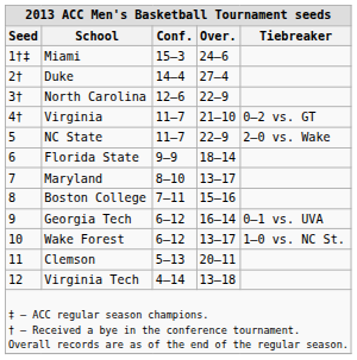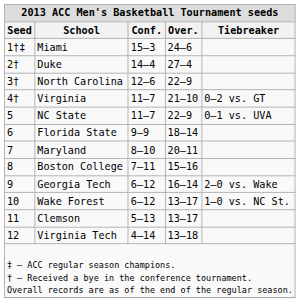 <table class="wikitable" style="white-space:nowrap; font-size:90%;">
 <tr>
 <td colspan="7" style="text-align:center; background:#DDDDDD; font:#000000"><strong>2013 ACC Men's Basketball Tournament seeds</strong></td>
 </tr>
 <tr bgcolor="#efefef">
 <th>Seed</th>
 <th>School</th>
 <th>Conf.</th>
 <th>Over.</th>
 <th>Tiebreaker</th>
 </tr>
 <tr>
 <td>1†‡</td>
 <td>Miami</td>
 <td>15–3</td>
 <td>24–6</td>
 <td></td>
 </tr>
 <tr>
 <td>2†</td>
 <td>Duke</td>
 <td>14–4</td>
 <td>27–4</td>
 <td></td>
 </tr>
 <tr>
 <td>3†</td>
 <td>North Carolina</td>
 <td>12–6</td>
 <td>22–9</td>
 <td></td>
 </tr>
 <tr>
 <td>4†</td>
 <td>Virginia</td>
 <td>11–7</td>
 <td>21–10</td>
 <td>0–2 vs. GT</td>
 </tr>
 <tr>
 <td>5</td>
 <td>NC State</td>
 <td>11–7</td>
 <td>22–9</td>
-<td>2–0 vs. Wake</td>
+<td>0–1 vs. UVA</td>
 </tr>
 <tr>
 <td>6</td>
 <td>Florida State</td>
 <td>9–9</td>
 <td>18–14</td>
 <td></td>
 </tr>
 <tr>
 <td>7</td>
 <td>Maryland</td>
 <td>8–10</td>
-<td>13–17</td>
+<td>20–11</td>
 <td></td>
 </tr>
 <tr>
 <td>8</td>
 <td>Boston College</td>
 <td>7–11</td>
 <td>15–16</td>
 <td></td>
 </tr>
 <tr>
 <td>9</td>
 <td>Georgia Tech</td>
 <td>6–12</td>
 <td>16–14</td>
-<td>0–1 vs. UVA</td>
+<td>2–0 vs. Wake</td>
 </tr>
 <tr>
 <td>10</td>
 <td>Wake Forest</td>
 <td>6–12</td>
 <td>13–17</td>
 <td>1–0 vs. NC St.</td>
 </tr>
 <tr>
 <td>11</td>
 <td>Clemson</td>
 <td>5–13</td>
-<td>20–11</td>
+<td>13–17</td>
 <td></td>
 </tr>
 <tr>
 <td>12</td>
 <td>Virginia Tech</td>
 <td>4–14</td>
 <td>13–18</td>
 <td></td>
 </tr>
 <tr>
 <td colspan="6" style="text-align:left;"><small> <br>‡ – ACC regular season champions.<br>† – Received a bye in the conference tournament.<br>Overall records are as of the end of the regular season.</small></td>
 </tr>
 <tr>
 </tr>
 </table>
